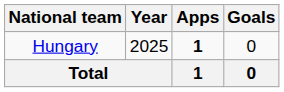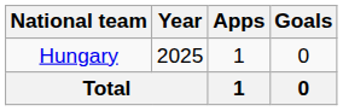 <table class="wikitable" style="text-align: center;">
 <tr>
 <th>National team</th>
 <th>Year</th>
 <th>Apps</th>
 <th>Goals</th>
 </tr>
 <tr>
 <td><a href='#'>Hungary</a></td>
 <td>2025</td>
-<td><strong>1</strong></td>
+<td>1</td>
 <td>0</td>
 </tr>
 <tr>
 <th colspan="2">Total</th>
 <th>1</th>
 <th>0</th>
 </tr>
 </table>
